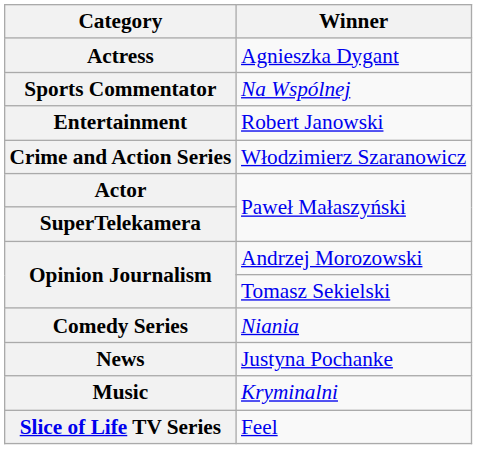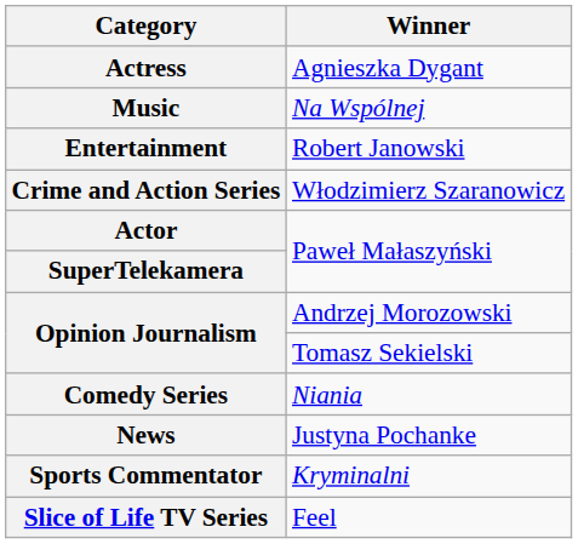 <table class="wikitable">
 <tr>
 <th>Category</th>
 <th>Winner</th>
 </tr>
 <tr>
 <th scope="row">Actress</th>
 <td><a href='#'>Agnieszka Dygant</a></td>
 </tr>
 <tr>
-<th scope="row">Sports Commentator</th>
+<th scope="row">Music</th>
 <td><em><a href='#'>Na Wspólnej</a></em></td>
 </tr>
 <tr>
 <th scope="row">Entertainment</th>
 <td><a href='#'>Robert Janowski</a></td>
 </tr>
 <tr>
 <th scope="row">Crime and Action Series</th>
 <td><a href='#'>Włodzimierz Szaranowicz</a></td>
 </tr>
 <tr>
 <th scope="row">Actor</th>
 <td rowspan="2"><a href='#'>Paweł Małaszyński</a></td>
 </tr>
 <tr>
 <th scope="row">SuperTelekamera</th>
 </tr>
 <tr>
 <th scope="row" rowspan="2">Opinion Journalism</th>
 <td><a href='#'>Andrzej Morozowski</a></td>
 </tr>
 <tr>
 <td><a href='#'>Tomasz Sekielski</a></td>
 </tr>
 <tr>
 <th scope="row">Comedy Series</th>
 <td><em><a href='#'>Niania</a></em></td>
 </tr>
 <tr>
 <th scope="row">News</th>
 <td><a href='#'>Justyna Pochanke</a></td>
 </tr>
 <tr>
-<th scope="row">Music</th>
+<th scope="row">Sports Commentator</th>
 <td><em><a href='#'>Kryminalni</a></em></td>
 </tr>
 <tr>
 <th scope="row"><a href='#'>Slice of Life</a> TV Series</th>
 <td><a href='#'>Feel</a></td>
 </tr>
 </table>
